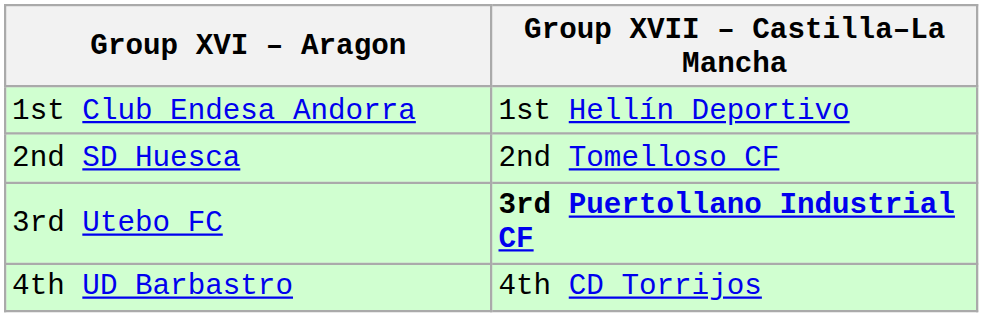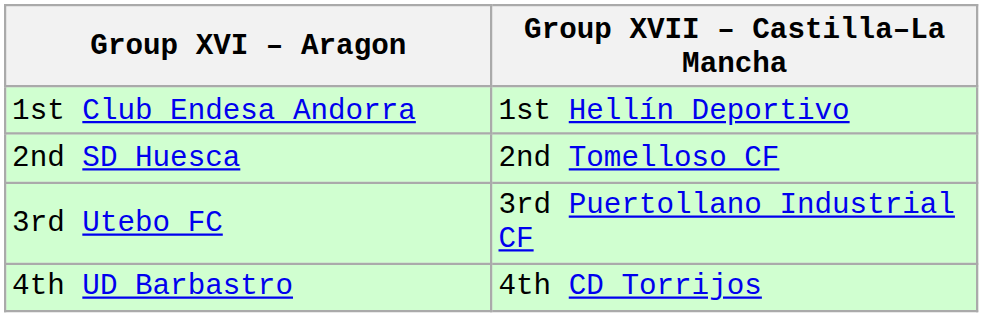 <table class="wikitable">
 <tr>
 <th width=210>Group XVI – Aragon </th>
 <th width=210>Group XVII – Castilla–La Mancha </th>
 </tr>
 <tr style="background:#D0FFD0;">
 <td>1st <a href='#'>Club Endesa Andorra</a></td>
 <td>1st <a href='#'>Hellín Deportivo</a></td>
 </tr>
 <tr style="background:#D0FFD0;">
 <td>2nd <a href='#'>SD Huesca</a></td>
 <td>2nd <a href='#'>Tomelloso CF</a></td>
 </tr>
 <tr style="background:#D0FFD0;">
 <td>3rd <a href='#'>Utebo FC</a></td>
-<td><strong>3rd <a href='#'>Puertollano Industrial CF</a></strong></td>
+<td>3rd <a href='#'>Puertollano Industrial CF</a></td>
 </tr>
 <tr style="background:#D0FFD0;">
 <td>4th <a href='#'>UD Barbastro</a></td>
 <td>4th <a href='#'>CD Torrijos</a></td>
 </tr>
 </table>
